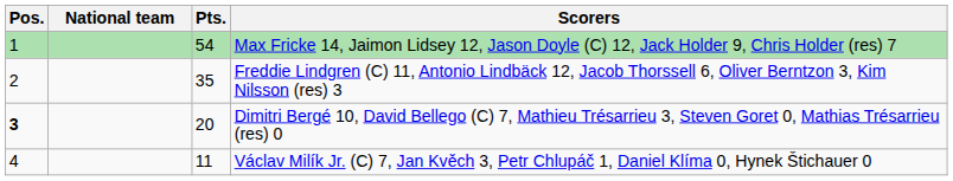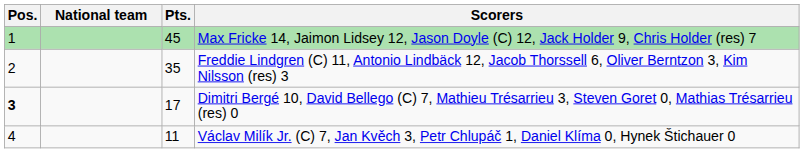 <table class=wikitable>
 <tr>
 <th width=20>Pos.</th>
 <th width=130>National team</th>
 <th width=30>Pts.</th>
 <th width=680>Scorers</th>
 </tr>
 <tr style="background:#ACE1AF;">
 <td>1</td>
 <td align=left></td>
-<td>54</td>
+<td>45</td>
 <td><a href='#'>Max Fricke</a> 14, Jaimon Lidsey 12, <a href='#'>Jason Doyle</a> (C) 12, <a href='#'>Jack Holder</a> 9, <a href='#'>Chris Holder</a> (res) 7</td>
 </tr>
 <tr>
 <td>2</td>
 <td align=left></td>
 <td>35</td>
 <td><a href='#'>Freddie Lindgren</a> (C) 11, <a href='#'>Antonio Lindbäck</a> 12, <a href='#'>Jacob Thorssell</a> 6, <a href='#'>Oliver Berntzon</a> 3, <a href='#'>Kim Nilsson</a> (res) 3</td>
 </tr>
 <tr>
 <td><strong>3</strong></td>
 <td align=left></td>
-<td>20</td>
+<td>17</td>
 <td><a href='#'>Dimitri Bergé</a> 10, <a href='#'>David Bellego</a> (C) 7, <a href='#'>Mathieu Trésarrieu</a> 3, <a href='#'>Steven Goret</a> 0, <a href='#'>Mathias Trésarrieu</a> (res) 0</td>
 </tr>
 <tr>
 <td>4</td>
 <td align=left></td>
 <td>11</td>
 <td><a href='#'>Václav Milík Jr.</a> (C) 7, <a href='#'>Jan Kvěch</a> 3, <a href='#'>Petr Chlupáč</a> 1, <a href='#'>Daniel Klíma</a> 0, Hynek Štichauer 0</td>
 </tr>
 </table>
